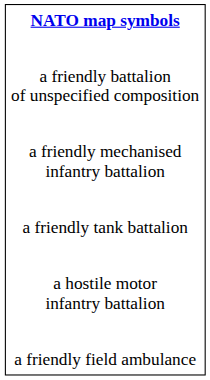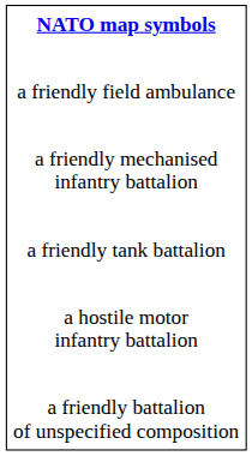 <table class="floatright" style="border:1px solid black; background:white;float: right;text-align: center" cellpadding="3">
 <tr>
 <th><a href='#'>NATO map symbols</a></th>
 </tr>
 <tr>
 <td><br></td>
 </tr>
 <tr>
-<td>a friendly battalion<br> of unspecified composition</td>
+<td>a friendly field ambulance</td>
 </tr>
 <tr>
 <td><br></td>
 </tr>
 <tr>
 <td>a friendly mechanised<br> infantry battalion</td>
 </tr>
 <tr>
 <td><br></td>
 </tr>
 <tr>
 <td>a friendly tank battalion</td>
 </tr>
 <tr>
 <td><br></td>
 </tr>
 <tr>
 <td>a hostile motor<br> infantry battalion</td>
 </tr>
 <tr>
 <td><br></td>
 </tr>
 <tr>
-<td>a friendly field ambulance</td>
+<td>a friendly battalion<br> of unspecified composition</td>
 </tr>
 </table>
